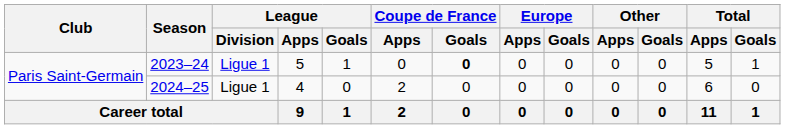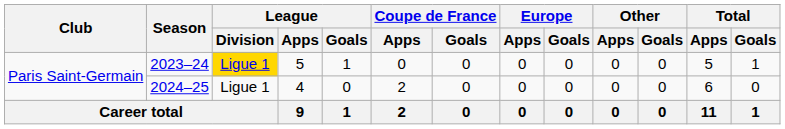 <table class="wikitable" style="text-align: center">
 <tr>
 <th rowspan="2">Club</th>
 <th rowspan="2">Season</th>
 <th colspan="3">League</th>
 <th colspan="2"><a href='#'>Coupe de France</a></th>
 <th colspan="2"><a href='#'>Europe</a></th>
 <th colspan="2">Other</th>
 <th colspan="2">Total</th>
 </tr>
 <tr>
 <th>Division</th>
 <th>Apps</th>
 <th>Goals</th>
 <th>Apps</th>
 <th>Goals</th>
 <th>Apps</th>
 <th>Goals</th>
 <th>Apps</th>
 <th>Goals</th>
 <th>Apps</th>
 <th>Goals</th>
 </tr>
 <tr>
 <td rowspan="2"><a href='#'>Paris Saint-Germain</a></td>
 <td><a href='#'>2023–24</a></td>
-<td><a href='#'>Ligue 1</a></td>
+<td style="background: gold;"><a href='#'>Ligue 1</a></td>
 <td>5</td>
 <td>1</td>
 <td>0</td>
-<td><strong>0</strong></td>
+<td>0</td>
 <td>0</td>
 <td>0</td>
 <td>0</td>
 <td>0</td>
 <td>5</td>
 <td>1</td>
 </tr>
 <tr>
 <td><a href='#'>2024–25</a></td>
 <td>Ligue 1</td>
 <td>4</td>
 <td>0</td>
 <td>2</td>
 <td>0</td>
 <td>0</td>
 <td>0</td>
 <td>0</td>
 <td>0</td>
 <td>6</td>
 <td>0</td>
 </tr>
 <tr>
 <th colspan="3">Career total</th>
 <th>9</th>
 <th>1</th>
 <th>2</th>
 <th>0</th>
 <th>0</th>
 <th>0</th>
 <th>0</th>
 <th>0</th>
 <th>11</th>
 <th>1</th>
 </tr>
 </table>
